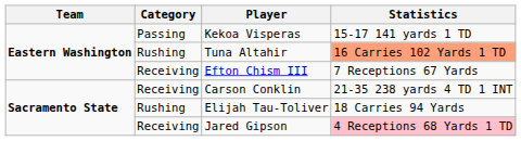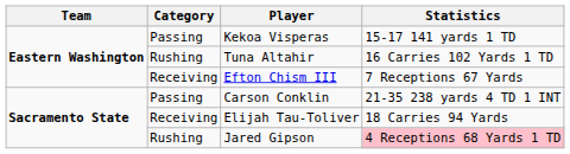 <table class="wikitable" style="float: right;">
 <tr>
 <th>Team</th>
 <th>Category</th>
 <th>Player</th>
 <th>Statistics</th>
 </tr>
 <tr>
 <td rowspan=3><strong>Eastern Washington</strong></td>
 <td>Passing</td>
 <td>Kekoa Visperas</td>
 <td>15-17 141 yards 1 TD</td>
 </tr>
 <tr>
 <td>Rushing</td>
 <td>Tuna Altahir</td>
-<td style="background: lightsalmon;">16 Carries 102 Yards 1 TD</td>
+<td>16 Carries 102 Yards 1 TD</td>
 </tr>
 <tr>
 <td>Receiving</td>
 <td><a href='#'>Efton Chism III</a></td>
 <td>7 Receptions 67 Yards</td>
 </tr>
 <tr>
 <td rowspan=3><strong>Sacramento State</strong></td>
-<td>Receiving</td>
+<td>Passing</td>
 <td>Carson Conklin</td>
 <td>21-35 238 yards 4 TD 1 INT</td>
 </tr>
 <tr>
-<td>Rushing</td>
+<td>Receiving</td>
 <td>Elijah Tau-Toliver</td>
 <td>18 Carries 94 Yards</td>
 </tr>
 <tr>
-<td>Receiving</td>
+<td>Rushing</td>
 <td>Jared Gipson</td>
 <td style="background: pink;">4 Receptions 68 Yards 1 TD</td>
 </tr>
 </table>
